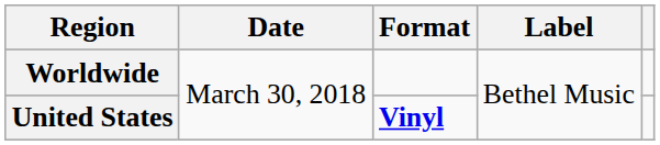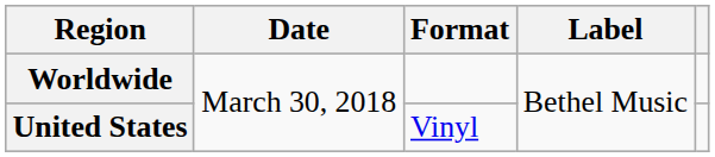 <table class="wikitable plainrowheaders">
 <tr>
 <th scope="col">Region</th>
 <th scope="col">Date</th>
 <th scope="col">Format</th>
 <th scope="col">Label</th>
 <th scope="col"></th>
 </tr>
 <tr>
 <th scope="row">Worldwide</th>
 <td rowspan="2">March 30, 2018</td>
 <td></td>
 <td rowspan="2">Bethel Music</td>
 <td></td>
 </tr>
 <tr>
 <th scope="row">United States</th>
-<td><strong><a href='#'>Vinyl</a></strong></td>
+<td><a href='#'>Vinyl</a></td>
 <td></td>
 </tr>
 </table>
